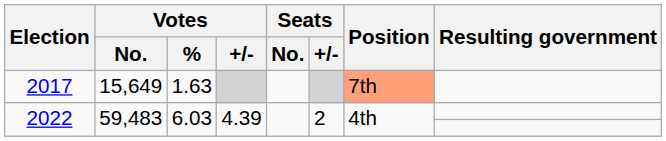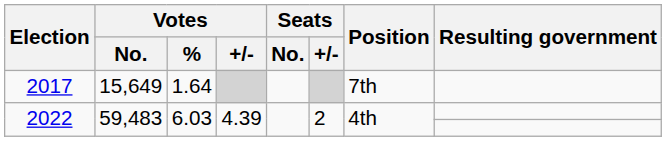 <table class="wikitable">
 <tr>
 <th rowspan="2" style="background-color:">Election</th>
 <th colspan="3" style="background-color:">Votes</th>
 <th colspan="2" style="background-color:">Seats</th>
 <th rowspan="2" style="background-color:">Position</th>
 <th rowspan="2" style="background-color:">Resulting government</th>
 </tr>
 <tr>
 <th style="background-color:">No.</th>
 <th style="background-color:">%</th>
 <th style="background-color:">+/-</th>
 <th style="background-color:">No.</th>
 <th style="background-color:">+/-</th>
 </tr>
 <tr>
 <td style="text-align: center;"><a href='#'>2017</a></td>
 <td>15,649</td>
-<td>1.63</td>
+<td>1.64</td>
 <td bgcolor="lightgray"></td>
 <td></td>
 <td bgcolor="lightgray"></td>
-<td style="background: lightsalmon;">7th</td>
+<td>7th</td>
 <td></td>
 </tr>
 <tr>
 <td rowspan="2" style="text-align: center;"><a href='#'>2022</a></td>
 <td rowspan="2">59,483</td>
 <td rowspan="2">6.03</td>
 <td rowspan="2"> 4.39</td>
 <td rowspan="2"></td>
 <td rowspan="2"> 2</td>
 <td rowspan="2"> 4th</td>
 <td></td>
 </tr>
 <tr>
 <td></td>
 </tr>
 </table>
